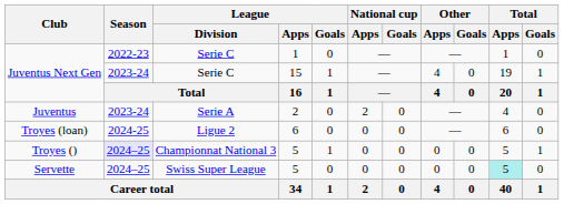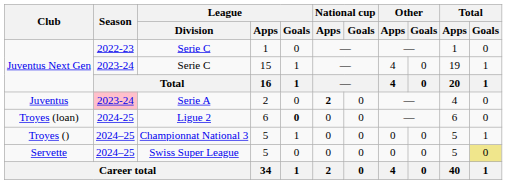 <table class="wikitable" style="text-align: center;">
 <tr>
 <th rowspan="2">Club</th>
 <th rowspan="2">Season</th>
 <th colspan="3">League</th>
 <th colspan="2">National cup</th>
 <th colspan="2">Other</th>
 <th colspan="2">Total</th>
 </tr>
 <tr>
 <th>Division</th>
 <th>Apps</th>
 <th>Goals</th>
 <th>Apps</th>
 <th>Goals</th>
 <th>Apps</th>
 <th>Goals</th>
 <th>Apps</th>
 <th>Goals</th>
 </tr>
 <tr>
 <td rowspan="3"><a href='#'>Juventus Next Gen</a></td>
 <td><a href='#'>2022-23</a></td>
 <td><a href='#'>Serie C</a></td>
 <td>1</td>
 <td>0</td>
 <td colspan="2">—</td>
 <td colspan="2">—</td>
 <td>1</td>
 <td>0</td>
 </tr>
 <tr>
 <td><a href='#'>2023-24</a></td>
 <td>Serie C</td>
 <td>15</td>
 <td>1</td>
 <td colspan="2">—</td>
 <td>4</td>
 <td>0</td>
 <td>19</td>
 <td>1</td>
 </tr>
 <tr>
 <th colspan="2">Total</th>
 <th>16</th>
 <th>1</th>
 <th colspan="2">—</th>
 <th>4</th>
 <th>0</th>
 <th>20</th>
 <th>1</th>
 </tr>
 <tr>
 <td><a href='#'>Juventus</a></td>
-<td><a href='#'>2023-24</a></td>
+<td style="background: pink;"><a href='#'>2023-24</a></td>
 <td><a href='#'>Serie A</a></td>
 <td>2</td>
 <td>0</td>
-<td>2</td>
+<td><strong>2</strong></td>
 <td>0</td>
 <td colspan="2">—</td>
 <td>4</td>
 <td>0</td>
 </tr>
 <tr>
 <td><a href='#'>Troyes</a> (loan)</td>
 <td><a href='#'>2024-25</a></td>
 <td><a href='#'>Ligue 2</a></td>
 <td>6</td>
-<td>0</td>
+<td><strong>0</strong></td>
 <td>0</td>
 <td>0</td>
 <td colspan="2">—</td>
 <td>6</td>
 <td>0</td>
 </tr>
 <tr>
 <td><a href='#'>Troyes</a> ()</td>
-<td style="background: lavender;"><a href='#'>2024–25</a></td>
+<td><a href='#'>2024–25</a></td>
 <td><a href='#'>Championnat National 3</a></td>
 <td>5</td>
 <td>1</td>
 <td>0</td>
 <td>0</td>
 <td>0</td>
 <td>0</td>
 <td>5</td>
 <td>1</td>
 </tr>
 <tr>
 <td><a href='#'>Servette</a></td>
 <td><a href='#'>2024–25</a></td>
 <td><a href='#'>Swiss Super League</a></td>
 <td>5</td>
 <td>0</td>
 <td>0</td>
 <td>0</td>
 <td>0</td>
 <td>0</td>
-<td style="background: paleturquoise;">5</td>
-<td>0</td>
+<td>5</td>
+<td style="background: khaki;">0</td>
 </tr>
 <tr>
 <th colspan="3">Career total</th>
 <th>34</th>
 <th>1</th>
 <th>2</th>
 <th>0</th>
 <th>4</th>
 <th>0</th>
 <th>40</th>
 <th>1</th>
 </tr>
 </table>
